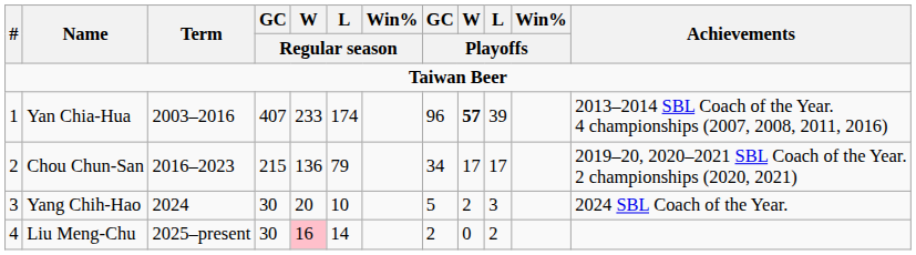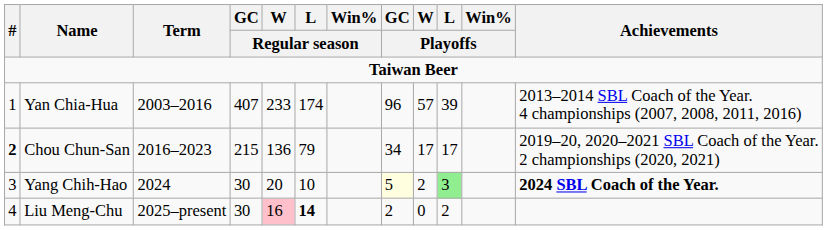 <table class="wikitable sortable">
 <tr>
 <th rowspan="2">#</th>
 <th rowspan="2">Name</th>
 <th rowspan="2">Term</th>
 <th>GC</th>
 <th>W</th>
 <th>L</th>
 <th>Win%</th>
 <th>GC</th>
 <th>W</th>
 <th>L</th>
 <th>Win%</th>
 <th rowspan="2" class=unsortable>Achievements</th>
 </tr>
 <tr class="unsortable">
 <th colspan="4">Regular season</th>
 <th colspan="4">Playoffs</th>
 </tr>
 <tr>
 <td align=center colspan="15"><strong>Taiwan Beer</strong></td>
 </tr>
 <tr>
 <td align=center>1</td>
 <td>Yan Chia-Hua</td>
 <td>2003–2016</td>
 <td>407</td>
 <td>233</td>
 <td>174</td>
 <td></td>
 <td>96</td>
-<td><strong>57</strong></td>
+<td>57</td>
 <td>39</td>
 <td></td>
 <td>2013–2014 <a href='#'>SBL</a> Coach of the Year.<br>4 championships (2007, 2008, 2011, 2016)</td>
 </tr>
 <tr>
-<td align=center>2</td>
+<td align=center><strong>2</strong></td>
 <td>Chou Chun-San</td>
 <td>2016–2023</td>
 <td>215</td>
 <td>136</td>
 <td>79</td>
 <td></td>
 <td>34</td>
 <td>17</td>
 <td>17</td>
 <td></td>
 <td>2019–20, 2020–2021 <a href='#'>SBL</a> Coach of the Year.<br>2 championships (2020, 2021)</td>
 </tr>
 <tr>
 <td align=center>3</td>
 <td>Yang Chih-Hao</td>
 <td>2024</td>
 <td>30</td>
 <td>20</td>
 <td>10</td>
 <td></td>
-<td>5</td>
+<td style="background: lightyellow;">5</td>
 <td>2</td>
-<td>3</td>
+<td style="background: lightgreen;">3</td>
 <td></td>
-<td>2024 <a href='#'>SBL</a> Coach of the Year.</td>
+<td><strong>2024 <a href='#'>SBL</a> Coach of the Year.</strong></td>
 </tr>
 <tr>
 <td align=center>4</td>
 <td>Liu Meng-Chu</td>
 <td>2025–present</td>
 <td>30</td>
 <td style="background: pink;">16</td>
-<td>14</td>
+<td><strong>14</strong></td>
 <td></td>
 <td>2</td>
 <td>0</td>
 <td>2</td>
 <td></td>
 <td></td>
 </tr>
 </table>
